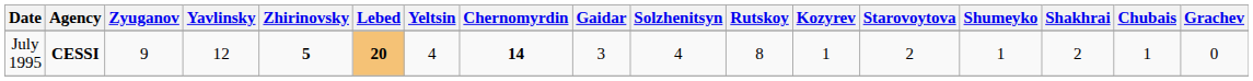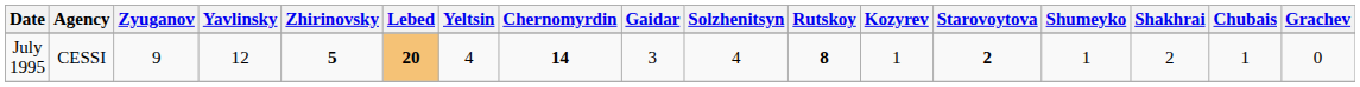 <table class=wikitable style=text-align:center>
 <tr>
 <th>Date</th>
 <th>Agency</th>
 <th><a href='#'>Zyuganov</a></th>
 <th><a href='#'>Yavlinsky</a></th>
 <th><a href='#'>Zhirinovsky</a></th>
 <th><a href='#'>Lebed</a></th>
 <th><a href='#'>Yeltsin</a></th>
 <th><a href='#'>Chernomyrdin</a></th>
 <th><a href='#'>Gaidar</a></th>
 <th><a href='#'>Solzhenitsyn</a></th>
 <th><a href='#'>Rutskoy</a></th>
 <th><a href='#'>Kozyrev</a></th>
 <th><a href='#'>Starovoytova</a></th>
 <th><a href='#'>Shumeyko</a></th>
 <th><a href='#'>Shakhrai</a></th>
 <th><a href='#'>Chubais</a></th>
 <th><a href='#'>Grachev</a></th>
 </tr>
 <tr>
 </tr>
 <tr>
 <td>July 1995</td>
-<td><strong>CESSI</strong></td>
+<td>CESSI</td>
 <td>9</td>
 <td>12</td>
 <td><strong>5</strong></td>
 <td style="background:#f5c276"><strong>20</strong></td>
 <td>4</td>
 <td><strong>14</strong></td>
 <td>3</td>
 <td>4</td>
-<td>8</td>
+<td><strong>8</strong></td>
 <td>1</td>
-<td>2</td>
+<td><strong>2</strong></td>
 <td>1</td>
 <td>2</td>
 <td>1</td>
 <td>0</td>
 </tr>
 <tr>
 </tr>
 </table>
